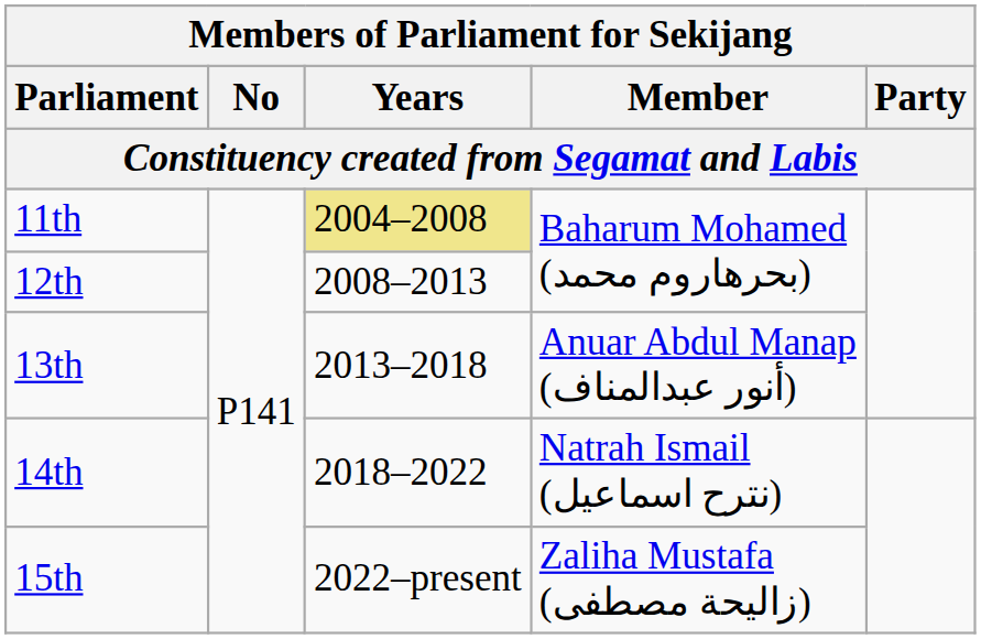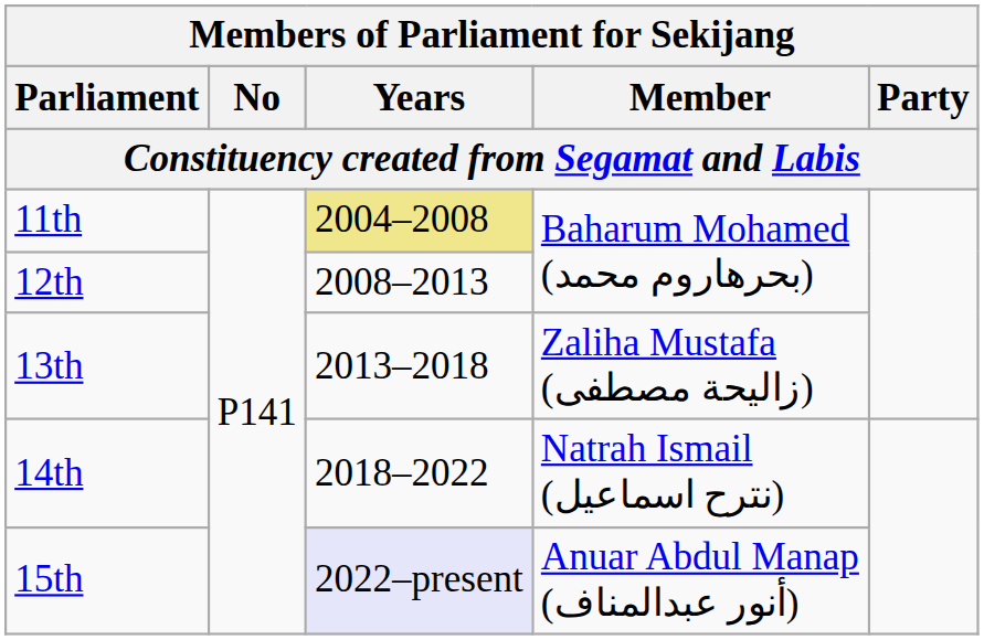 <table class=wikitable>
 <tr>
 <th colspan="5">Members of Parliament for Sekijang</th>
 </tr>
 <tr>
 <th>Parliament</th>
 <th>No</th>
 <th>Years</th>
 <th>Member</th>
 <th>Party</th>
 </tr>
 <tr>
 <th colspan="5" align="center"><em>Constituency created from <a href='#'>Segamat</a> and <a href='#'>Labis</a></em></th>
 </tr>
 <tr>
 <td><a href='#'>11th</a></td>
 <td rowspan="5">P141</td>
 <td style="background: khaki;">2004–2008</td>
 <td rowspan=2><a href='#'>Baharum Mohamed</a>  <br>(بحرهاروم محمد‎)</td>
 <td rowspan=3></td>
 </tr>
 <tr>
 <td><a href='#'>12th</a></td>
 <td>2008–2013</td>
 </tr>
 <tr>
 <td><a href='#'>13th</a></td>
 <td>2013–2018</td>
-<td><a href='#'>Anuar Abdul Manap</a>  <br>(أنور عبدالمناف)</td>
+<td><a href='#'>Zaliha Mustafa</a> <br> (زاليحة مصطفى‎)</td>
 </tr>
 <tr>
 <td><a href='#'>14th</a></td>
 <td>2018–2022</td>
 <td><a href='#'>Natrah Ismail</a> <br> (نترح اسماعيل)</td>
 <td rowspan="2"></td>
 </tr>
 <tr>
 <td><a href='#'>15th</a></td>
-<td>2022–present</td>
-<td><a href='#'>Zaliha Mustafa</a> <br> (زاليحة مصطفى‎)</td>
+<td style="background: lavender;">2022–present</td>
+<td><a href='#'>Anuar Abdul Manap</a>  <br>(أنور عبدالمناف)</td>
 </tr>
 </table>
